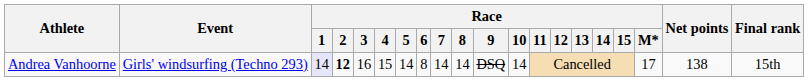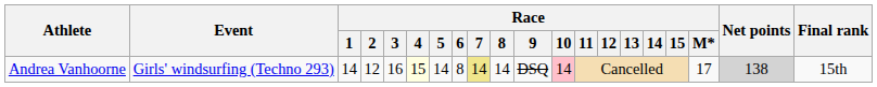 <table class="wikitable" border="1" style="font-size:90%">
 <tr>
 <th rowspan=2>Athlete</th>
 <th rowspan=2>Event</th>
 <th colspan=16>Race</th>
 <th rowspan=2>Net points</th>
 <th rowspan=2>Final rank</th>
 </tr>
 <tr>
 <th>1</th>
 <th>2</th>
 <th>3</th>
 <th>4</th>
 <th>5</th>
 <th>6</th>
 <th>7</th>
 <th>8</th>
 <th>9</th>
 <th>10</th>
 <th>11</th>
 <th>12</th>
 <th>13</th>
 <th>14</th>
 <th>15</th>
 <th>M*</th>
 </tr>
 <tr>
 <td><a href='#'>Andrea Vanhoorne</a></td>
 <td><a href='#'>Girls' windsurfing (Techno 293)</a></td>
-<td align=center style="background: lavender;">14</td>
-<td align=center><strong>12</strong></td>
+<td align=center>14</td>
+<td align=center>12</td>
 <td align=center>16</td>
-<td align=center>15</td>
+<td align=center style="background: lightyellow;">15</td>
 <td align=center>14</td>
 <td align=center>8</td>
-<td align=center>14</td>
+<td align=center style="background: khaki;">14</td>
 <td align=center>14</td>
 <td align=center><s>DSQ</s></td>
-<td align=center>14</td>
+<td align=center style="background: pink;">14</td>
 <td align=center colspan="5" bgcolor="wheat">Cancelled</td>
 <td align=center>17</td>
-<td align=center>138</td>
+<td align=center style="background: lightgrey;">138</td>
 <td align=center>15th</td>
 </tr>
 </table>
